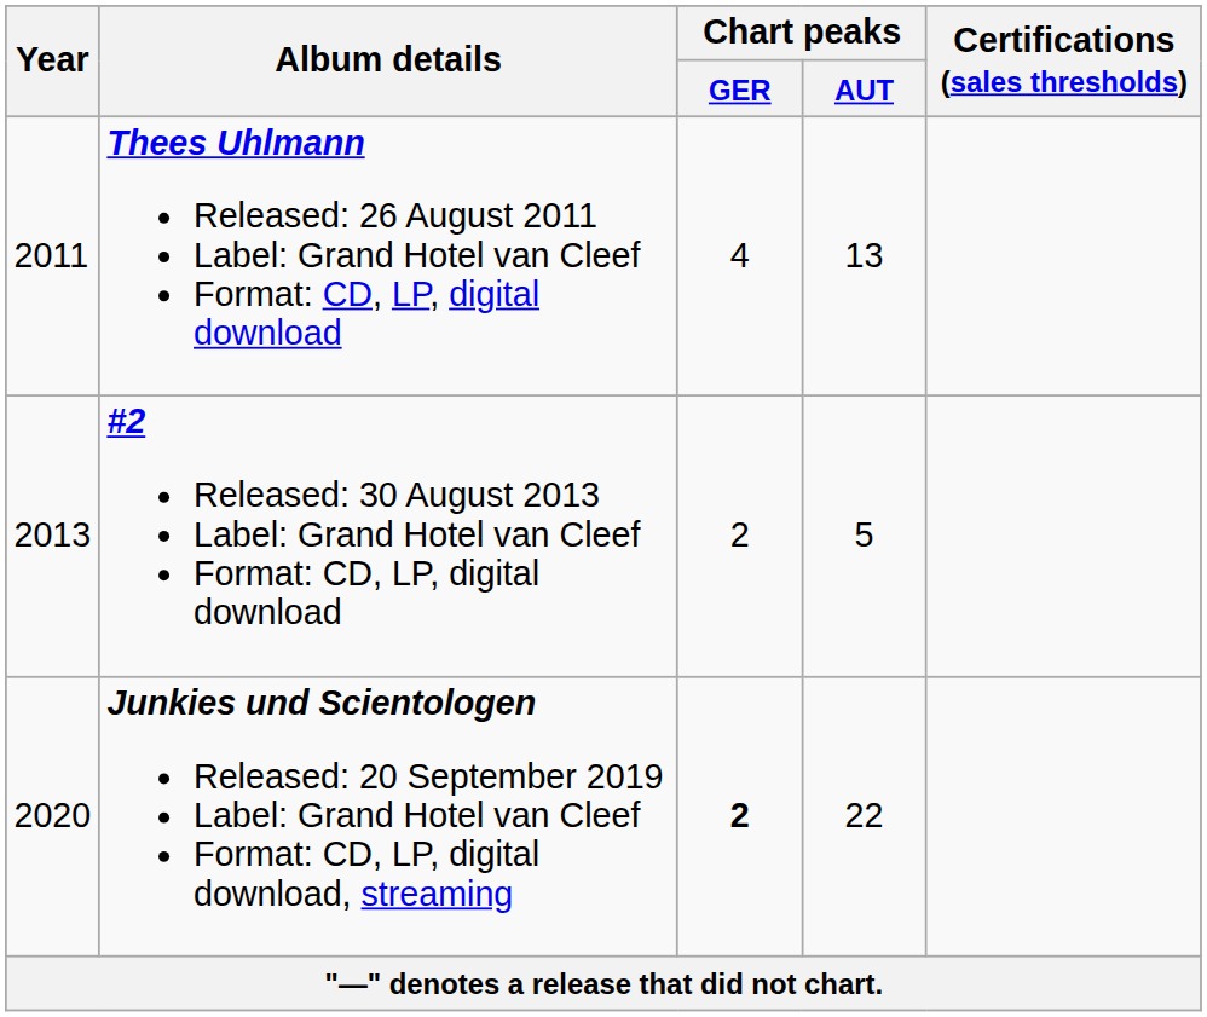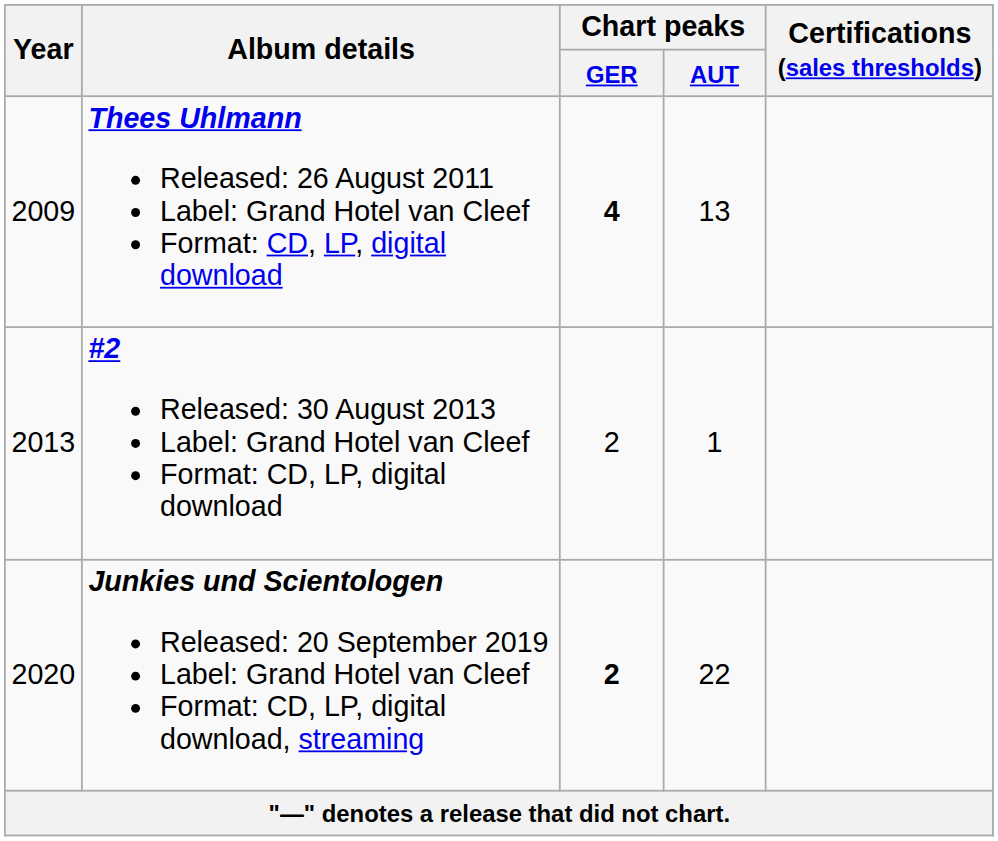 <table class="wikitable">
 <tr>
 <th rowspan="2">Year</th>
 <th rowspan="2" width="260">Album details</th>
 <th colspan="2">Chart peaks</th>
 <th rowspan="2" width="120">Certifications<br><small>(<a href='#'>sales thresholds</a>)</small></th>
 </tr>
 <tr>
 <th width="50"><small><a href='#'>GER</a><br></small></th>
 <th width="50"><small><a href='#'>AUT</a><br></small></th>
 </tr>
 <tr>
-<td>2011</td>
+<td>2009</td>
 <td><strong><em><a href='#'>Thees Uhlmann</a></em></strong><br><ul><li>Released: 26 August 2011</li><li>Label: Grand Hotel van Cleef</li><li>Format: <a href='#'>CD</a>, <a href='#'>LP</a>, <a href='#'>digital download</a></li></ul></td>
-<td align="center">4</td>
+<td align="center"><strong>4</strong></td>
 <td align="center">13</td>
 <td></td>
 </tr>
 <tr>
 <td>2013</td>
 <td><strong><em><a href='#'>#2</a></em></strong><br><ul><li>Released: 30 August 2013</li><li>Label: Grand Hotel van Cleef</li><li>Format: CD, LP, digital download</li></ul></td>
 <td align="center">2</td>
-<td align="center">5</td>
+<td align="center">1</td>
 <td></td>
 </tr>
 <tr>
 <td>2020</td>
 <td><strong><em>Junkies und Scientologen</em></strong><br><ul><li>Released: 20 September 2019</li><li>Label: Grand Hotel van Cleef</li><li>Format: CD, LP, digital download, <a href='#'>streaming</a></li></ul></td>
 <td align="center"><strong>2</strong></td>
 <td align="center">22</td>
 <td></td>
 </tr>
 <tr>
 <th colspan="15"><small>"—" denotes a release that did not chart.</small></th>
 </tr>
 </table>
